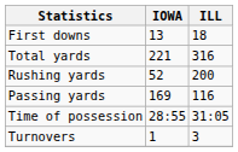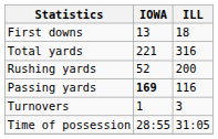 <table class="wikitable">
 <tr>
 <th>Statistics</th>
 <th>IOWA</th>
 <th>ILL</th>
 </tr>
 <tr>
 <td>First downs</td>
 <td>13</td>
 <td>18</td>
 </tr>
 <tr>
 <td>Total yards</td>
 <td>221</td>
 <td>316</td>
 </tr>
 <tr>
 <td>Rushing yards</td>
 <td>52</td>
 <td>200</td>
 </tr>
 <tr>
 <td>Passing yards</td>
-<td>169</td>
+<td><strong>169</strong></td>
 <td>116</td>
+</tr>
+<tr>
+<td>Turnovers</td>
+<td>1</td>
+<td>3</td>
 </tr>
 <tr>
 <td>Time of possession</td>
 <td>28:55</td>
 <td>31:05</td>
 </tr>
 <tr>
-<td>Turnovers</td>
-<td>1</td>
-<td>3</td>
-</tr>
-<tr>
 </tr>
 </table>
